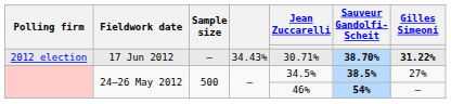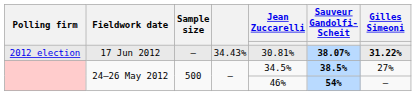 <table class="wikitable sortable" style="text-align:center;font-size:90%;line-height:14px;">
 <tr style="height:40px;">
 <th style="width:100px;" rowspan="2">Polling firm</th>
 <th style="width:110px;" rowspan="2">Fieldwork date</th>
 <th style="width:35px;" rowspan="2">Sample<br>size</th>
 <th style="width:30px;" rowspan="2"></th>
 <th class="unsortable" style="width:60px;"><a href='#'>Jean Zuccarelli</a><br></th>
 <th class="unsortable" style="width:60px;"><a href='#'>Sauveur Gandolfi-Scheit</a><br></th>
 <th class="unsortable" style="width:60px;"><a href='#'>Gilles Simeoni</a><br></th>
 </tr>
 <tr>
 <th style="background:"></th>
 <th style="background:"></th>
 <th style="background:"></th>
 </tr>
 <tr style="background:#E9E9E9;">
 <td><a href='#'>2012 election</a></td>
 <td data-sort-value="2012-06-17">17 Jun 2012</td>
 <td>–</td>
 <td>34.43%</td>
-<td>30.71%</td>
-<td style="background:#B9DAFF;"><strong>38.70%</strong></td>
+<td>30.81%</td>
+<td style="background:#B9DAFF;"><strong>38.07%</strong></td>
 <td><strong>31.22%</strong></td>
 </tr>
 <tr>
 <td rowspan="2" style="background:#FFCCCC;"></td>
 <td rowspan="2" data-sort-value="2012-05-26">24–26 May 2012</td>
 <td rowspan="2">500</td>
 <td rowspan="2">–</td>
 <td>34.5%</td>
 <td style="background:#B9DAFF;"><strong>38.5%</strong></td>
 <td>27%</td>
 </tr>
 <tr>
 <td>46%</td>
 <td style="background:#B9DAFF;"><strong>54%</strong></td>
 <td>–</td>
 </tr>
 </table>
